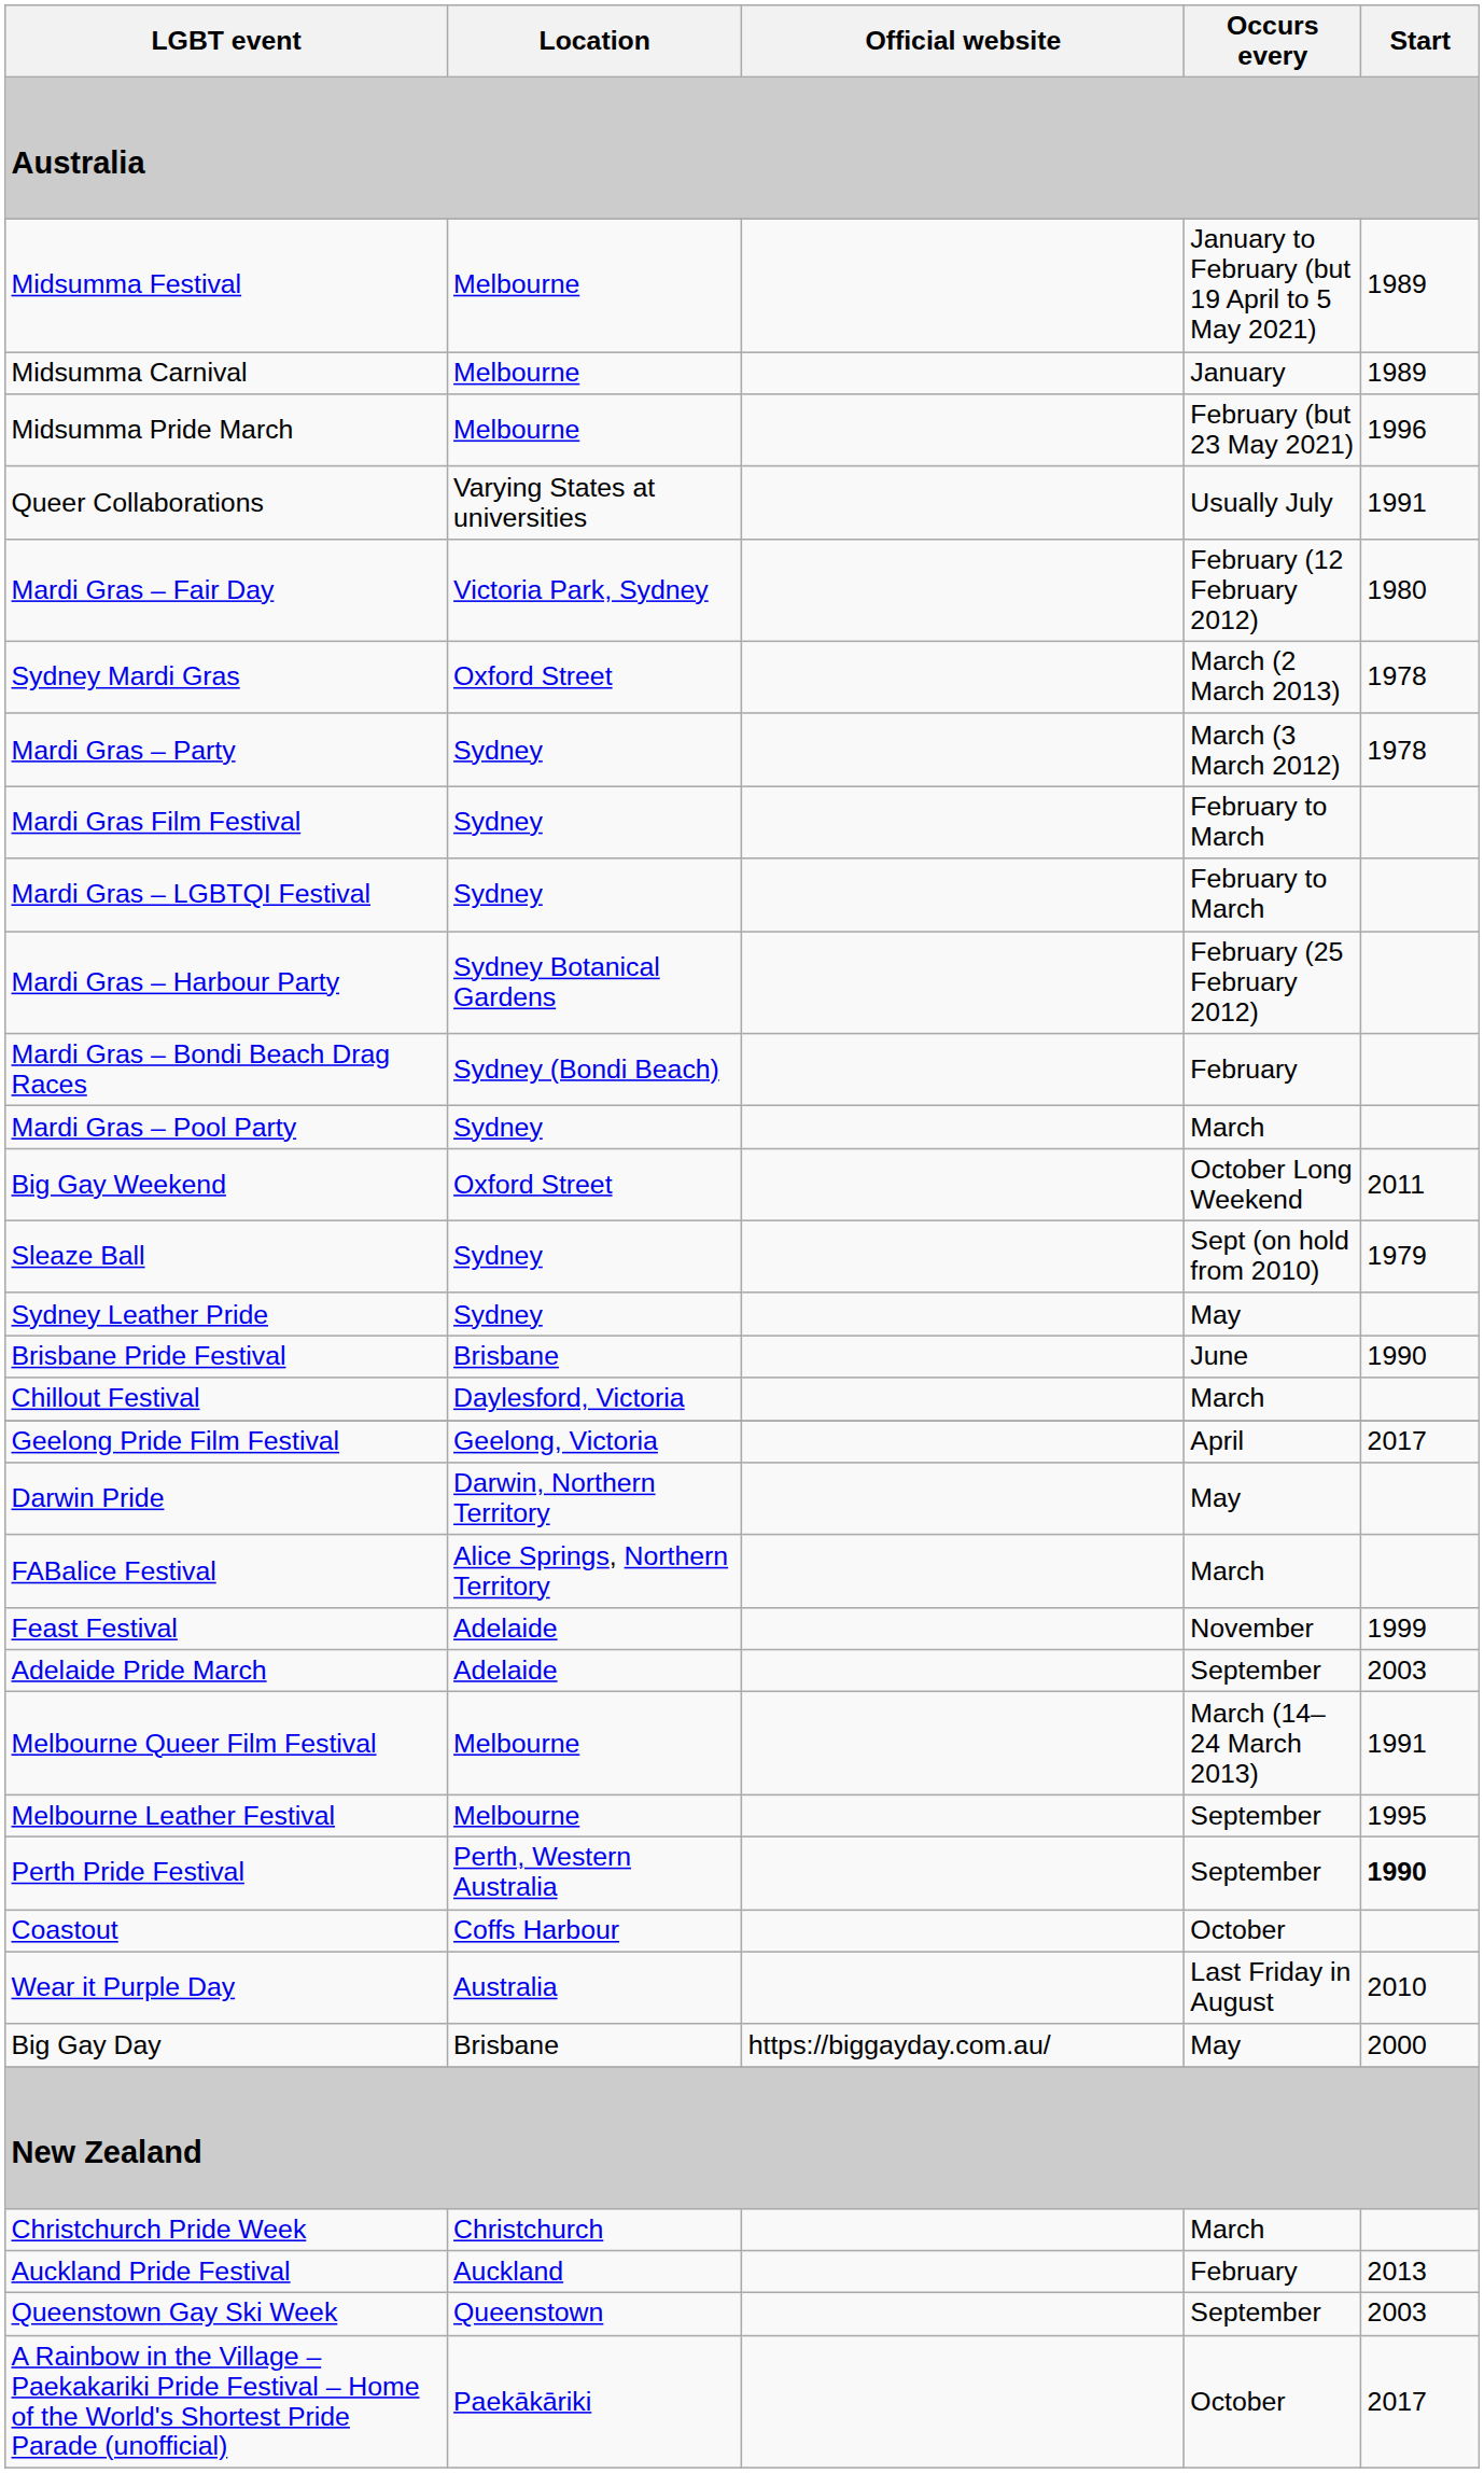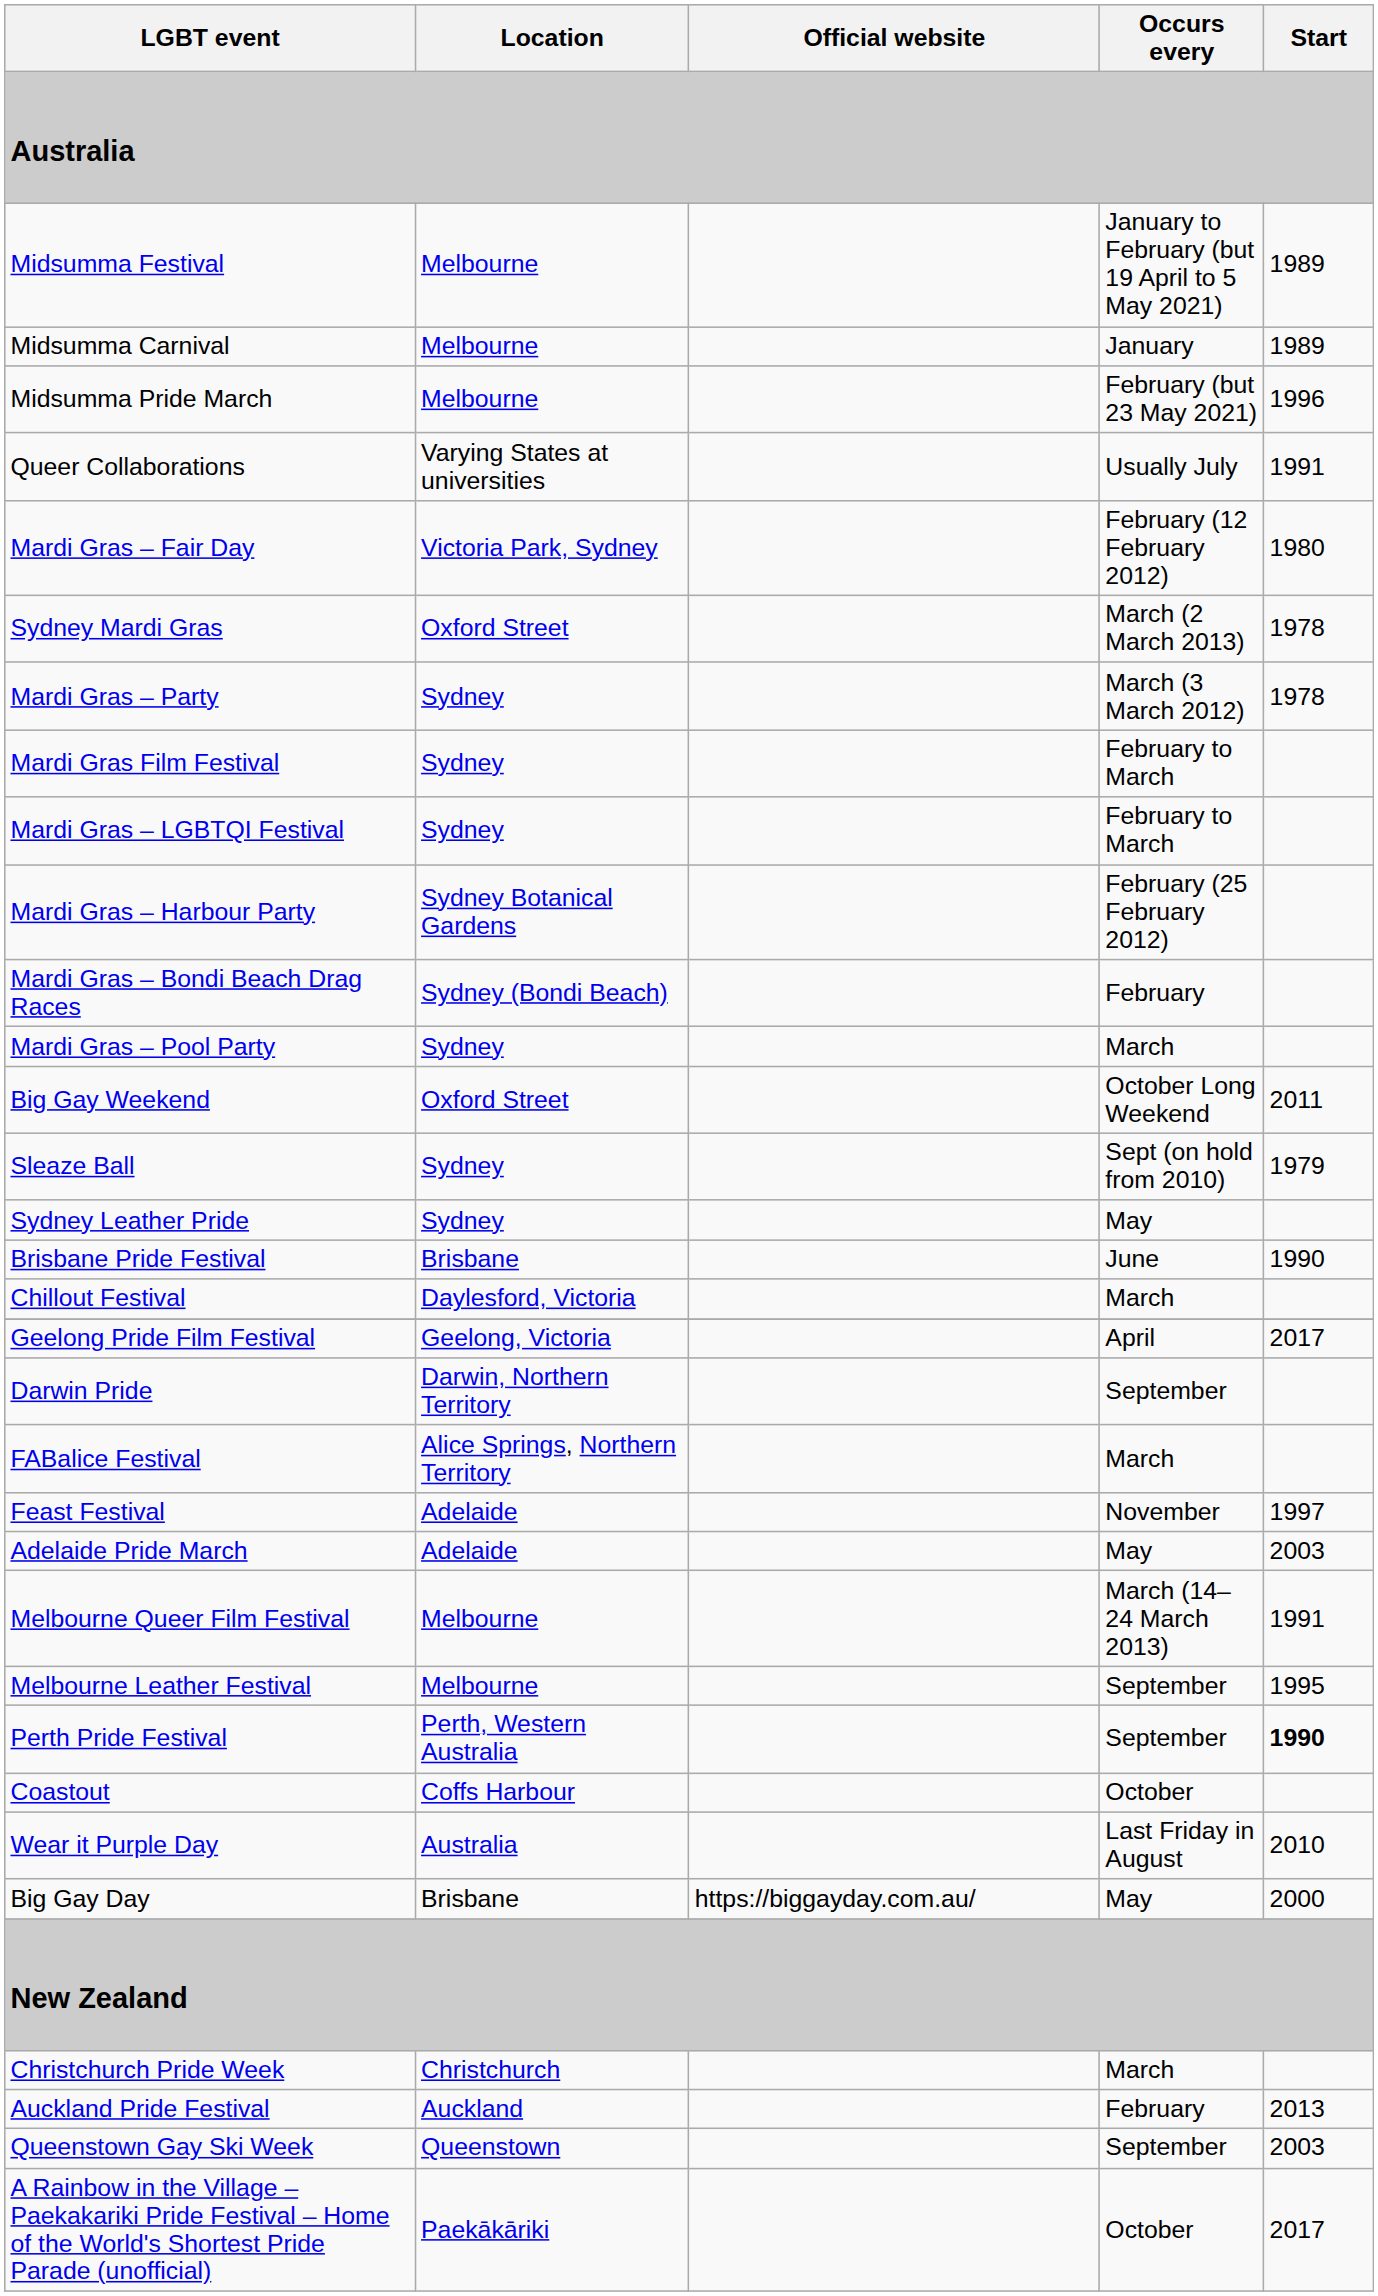 <table class="wikitable" style="width:100%;">
 <tr>
 <th style="width:30%;">LGBT event</th>
 <th style="width:20%;">Location</th>
 <th style="width:30%;">Official website</th>
 <th style="width:12%;">Occurs every</th>
 <th style="width:8%;">Start</th>
 </tr>
 <tr>
 <td style="background:#ccc;" colspan="6"><br><h3>Australia</h3></td>
 </tr>
 <tr>
 <td><a href='#'>Midsumma Festival</a></td>
 <td><a href='#'>Melbourne</a></td>
 <td></td>
 <td>January to February (but 19 April to 5 May 2021)</td>
 <td>1989</td>
 </tr>
 <tr>
 <td>Midsumma Carnival</td>
 <td><a href='#'>Melbourne</a></td>
 <td></td>
 <td>January </td>
 <td>1989</td>
 </tr>
 <tr>
 <td>Midsumma Pride March</td>
 <td><a href='#'>Melbourne</a></td>
 <td></td>
 <td>February (but 23 May 2021)</td>
 <td>1996</td>
 </tr>
 <tr>
 <td>Queer Collaborations</td>
 <td>Varying States at universities</td>
 <td></td>
 <td>Usually July</td>
 <td>1991</td>
 </tr>
 <tr>
 <td><a href='#'>Mardi Gras – Fair Day</a></td>
 <td><a href='#'>Victoria Park, Sydney</a></td>
 <td></td>
 <td>February (12 February 2012)</td>
 <td>1980</td>
 </tr>
 <tr>
 <td><a href='#'>Sydney Mardi Gras</a></td>
 <td><a href='#'>Oxford Street</a></td>
 <td></td>
 <td>March (2 March 2013)</td>
 <td>1978</td>
 </tr>
 <tr>
 <td><a href='#'>Mardi Gras – Party</a></td>
 <td><a href='#'>Sydney</a></td>
 <td></td>
 <td>March (3 March 2012)</td>
 <td>1978</td>
 </tr>
 <tr>
 <td><a href='#'>Mardi Gras Film Festival</a></td>
 <td><a href='#'>Sydney</a></td>
 <td></td>
 <td>February to March</td>
 <td></td>
 </tr>
 <tr>
 <td><a href='#'>Mardi Gras – LGBTQI Festival</a></td>
 <td><a href='#'>Sydney</a></td>
 <td></td>
 <td>February to March</td>
 <td></td>
 </tr>
 <tr>
 <td><a href='#'>Mardi Gras – Harbour Party</a></td>
 <td><a href='#'>Sydney Botanical Gardens</a></td>
 <td></td>
 <td>February (25 February 2012)</td>
 <td></td>
 </tr>
 <tr>
 <td><a href='#'>Mardi Gras – Bondi Beach Drag Races</a></td>
 <td><a href='#'>Sydney (Bondi Beach)</a></td>
 <td></td>
 <td>February</td>
 <td></td>
 </tr>
 <tr>
 <td><a href='#'>Mardi Gras – Pool Party</a></td>
 <td><a href='#'>Sydney</a></td>
 <td></td>
 <td>March</td>
 <td></td>
 </tr>
 <tr>
 <td><a href='#'>Big Gay Weekend</a></td>
 <td><a href='#'>Oxford Street</a></td>
 <td></td>
 <td>October Long Weekend</td>
 <td>2011</td>
 </tr>
 <tr>
 <td><a href='#'>Sleaze Ball</a></td>
 <td><a href='#'>Sydney</a></td>
 <td></td>
 <td>Sept (on hold from 2010)</td>
 <td>1979</td>
 </tr>
 <tr>
 <td><a href='#'>Sydney Leather Pride</a></td>
 <td><a href='#'>Sydney</a></td>
 <td></td>
 <td>May</td>
 <td></td>
 </tr>
 <tr>
 <td><a href='#'>Brisbane Pride Festival</a></td>
 <td><a href='#'>Brisbane</a></td>
 <td></td>
 <td>June</td>
 <td>1990</td>
 </tr>
 <tr>
 <td><a href='#'>Chillout Festival</a></td>
 <td><a href='#'>Daylesford, Victoria</a></td>
 <td></td>
 <td>March</td>
 <td></td>
 </tr>
 <tr>
 </tr>
 <tr>
 <td><a href='#'>Geelong Pride Film Festival</a></td>
 <td><a href='#'>Geelong, Victoria</a></td>
 <td></td>
 <td>April</td>
 <td>2017</td>
 </tr>
 <tr>
 <td><a href='#'>Darwin Pride</a></td>
 <td><a href='#'>Darwin, Northern Territory</a></td>
 <td></td>
-<td>May</td>
+<td>September</td>
 <td></td>
 </tr>
 <tr>
 <td><a href='#'>FABalice Festival</a></td>
 <td><a href='#'>Alice Springs</a>, <a href='#'>Northern Territory</a></td>
 <td></td>
 <td>March</td>
 <td></td>
 </tr>
 <tr>
 <td><a href='#'>Feast Festival</a></td>
 <td><a href='#'>Adelaide</a></td>
 <td></td>
 <td>November</td>
-<td>1999</td>
+<td>1997</td>
 </tr>
 <tr>
 <td><a href='#'>Adelaide Pride March</a></td>
 <td><a href='#'>Adelaide</a></td>
 <td></td>
-<td>September</td>
+<td>May</td>
 <td>2003</td>
 </tr>
 <tr>
 <td><a href='#'>Melbourne Queer Film Festival</a></td>
 <td><a href='#'>Melbourne</a></td>
 <td></td>
 <td>March (14–24 March 2013)</td>
 <td>1991</td>
 </tr>
 <tr>
 <td><a href='#'>Melbourne Leather Festival</a></td>
 <td><a href='#'>Melbourne</a></td>
 <td></td>
 <td>September</td>
 <td>1995</td>
 </tr>
 <tr>
 <td><a href='#'>Perth Pride Festival</a></td>
 <td><a href='#'>Perth, Western Australia</a></td>
 <td></td>
 <td>September</td>
 <td><strong>1990</strong></td>
 </tr>
 <tr>
 <td><a href='#'>Coastout</a></td>
 <td><a href='#'>Coffs Harbour</a></td>
 <td></td>
 <td>October</td>
 <td></td>
 </tr>
 <tr>
 <td><a href='#'>Wear it Purple Day</a></td>
 <td><a href='#'>Australia</a></td>
 <td></td>
 <td>Last Friday in August</td>
 <td>2010</td>
 </tr>
 <tr>
 <td>Big Gay Day</td>
 <td>Brisbane</td>
 <td>https://biggayday.com.au/</td>
 <td>May</td>
 <td>2000</td>
 </tr>
 <tr>
 <td style="background:#ccc;" colspan="6"><br><h3>New Zealand</h3></td>
 </tr>
 <tr>
 <td><a href='#'>Christchurch Pride Week</a></td>
 <td><a href='#'>Christchurch</a></td>
 <td></td>
 <td>March</td>
 <td></td>
 </tr>
 <tr>
 <td><a href='#'>Auckland Pride Festival</a></td>
 <td><a href='#'>Auckland</a></td>
 <td></td>
 <td>February</td>
 <td>2013</td>
 </tr>
 <tr>
 <td><a href='#'>Queenstown Gay Ski Week</a></td>
 <td><a href='#'>Queenstown</a></td>
 <td></td>
 <td>September</td>
 <td>2003</td>
 </tr>
 <tr>
 <td><a href='#'>A Rainbow in the Village – Paekakariki Pride Festival – Home of the World's Shortest Pride Parade (unofficial)</a></td>
 <td><a href='#'>Paekākāriki</a></td>
 <td></td>
 <td>October</td>
 <td>2017</td>
 </tr>
 </table>
